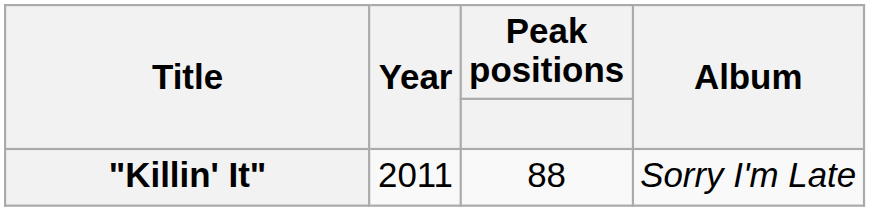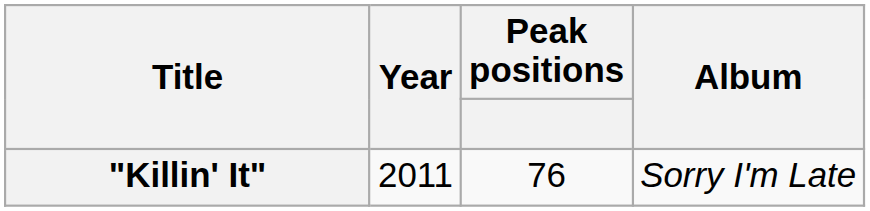 <table class="wikitable plainrowheaders" style="text-align:center;">
 <tr>
 <th scope="col" rowspan="2" style="width:10em;">Title</th>
 <th scope="col" rowspan="2" style="width:1em;">Year</th>
 <th scope="col" colspan="1">Peak positions</th>
 <th scope="col" rowspan="2">Album</th>
 </tr>
 <tr>
 <th scope="col" style="width:2.5em;font-size:90%;"><a href='#'></a><br></th>
 </tr>
 <tr>
 <th scope="row">"Killin' It"</th>
 <td>2011</td>
-<td>88</td>
+<td>76</td>
 <td><em>Sorry I'm Late</em></td>
 </tr>
 </table>
